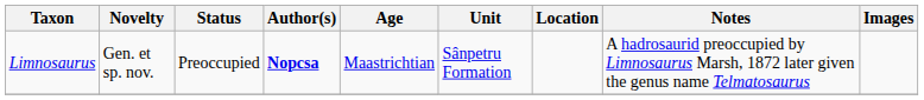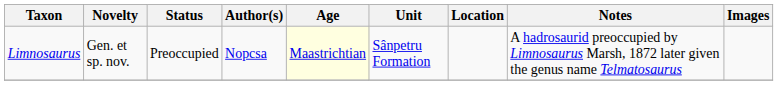 <table class="wikitable sortable" align="center" width="100%">
 <tr>
 <th>Taxon</th>
 <th>Novelty</th>
 <th>Status</th>
 <th>Author(s)</th>
 <th>Age</th>
 <th>Unit</th>
 <th>Location</th>
 <th>Notes</th>
 <th>Images</th>
 </tr>
 <tr>
 <td><em><a href='#'>Limnosaurus</a></em></td>
 <td>Gen. et sp. nov.</td>
 <td>Preoccupied</td>
-<td><strong><a href='#'>Nopcsa</a></strong></td>
-<td><a href='#'>Maastrichtian</a></td>
+<td><a href='#'>Nopcsa</a></td>
+<td style="background: lightyellow;"><a href='#'>Maastrichtian</a></td>
 <td><a href='#'>Sânpetru Formation</a></td>
 <td></td>
 <td>A <a href='#'>hadrosaurid</a> preoccupied by <em><a href='#'>Limnosaurus</a></em> Marsh, 1872 later given the genus name <em><a href='#'>Telmatosaurus</a></em></td>
 <td></td>
 </tr>
 <tr>
 </tr>
 </table>
